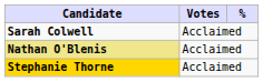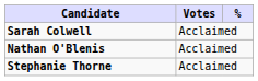 <table class="wikitable">
 <tr>
 <th style="background:#ddf; width:200px;">Candidate</th>
 <th style="background:#ddf; width:50px;">Votes</th>
 <th style="background:#ddf; width:30px;">%</th>
 </tr>
 <tr>
 <td><strong>Sarah Colwell</strong></td>
 <td colspan="2">Acclaimed</td>
 </tr>
 <tr>
-<td style="background: khaki;"><strong>Nathan O'Blenis</strong></td>
+<td><strong>Nathan O'Blenis</strong></td>
 <td colspan="2">Acclaimed</td>
 </tr>
 <tr>
-<td style="background: gold;"><strong>Stephanie Thorne</strong></td>
+<td><strong>Stephanie Thorne</strong></td>
 <td colspan="2">Acclaimed</td>
 </tr>
 </table>
